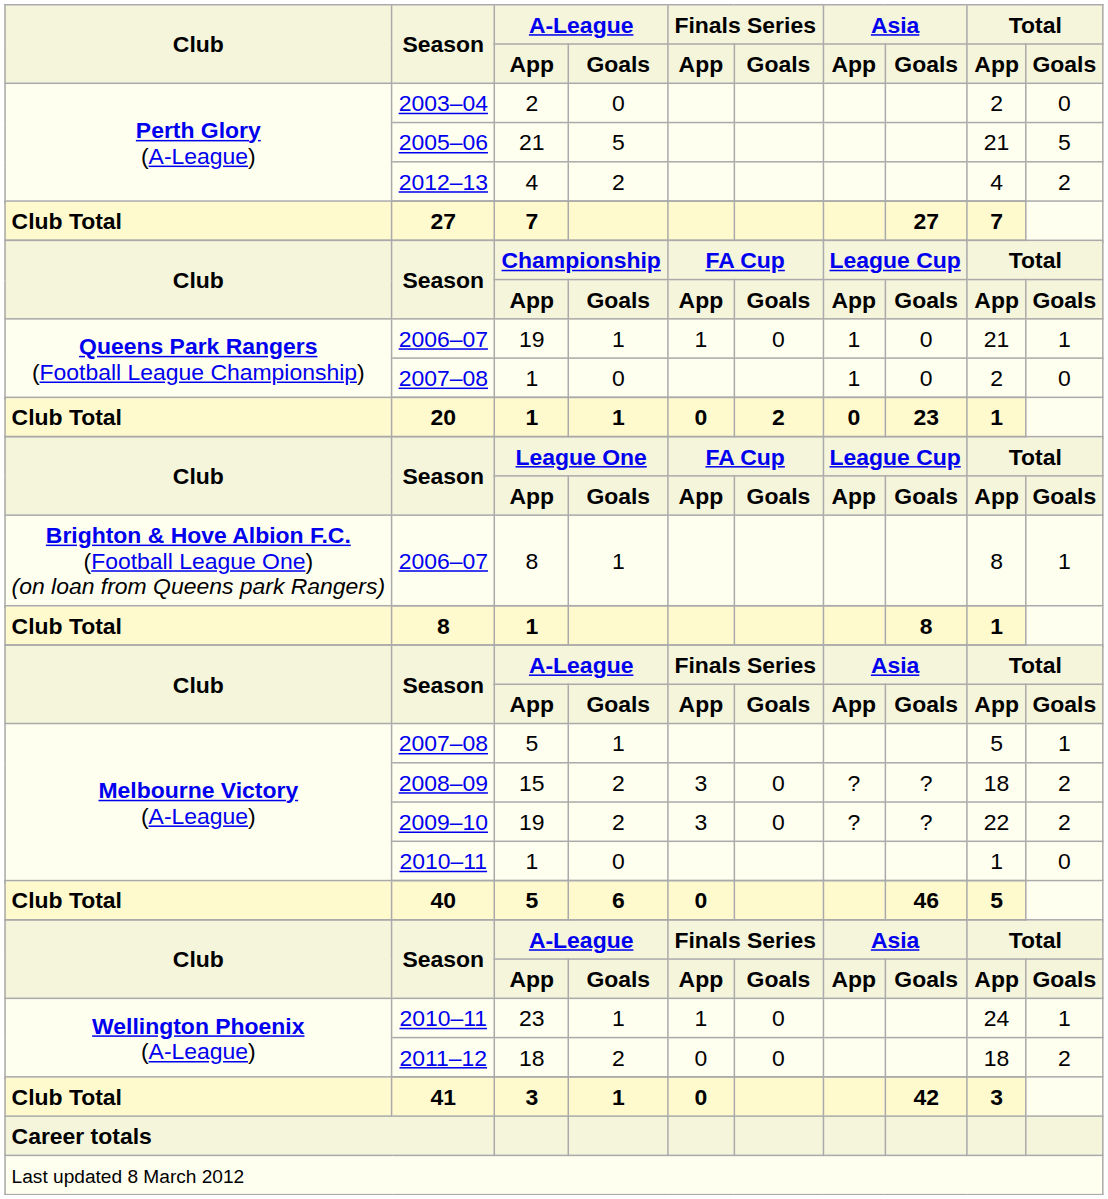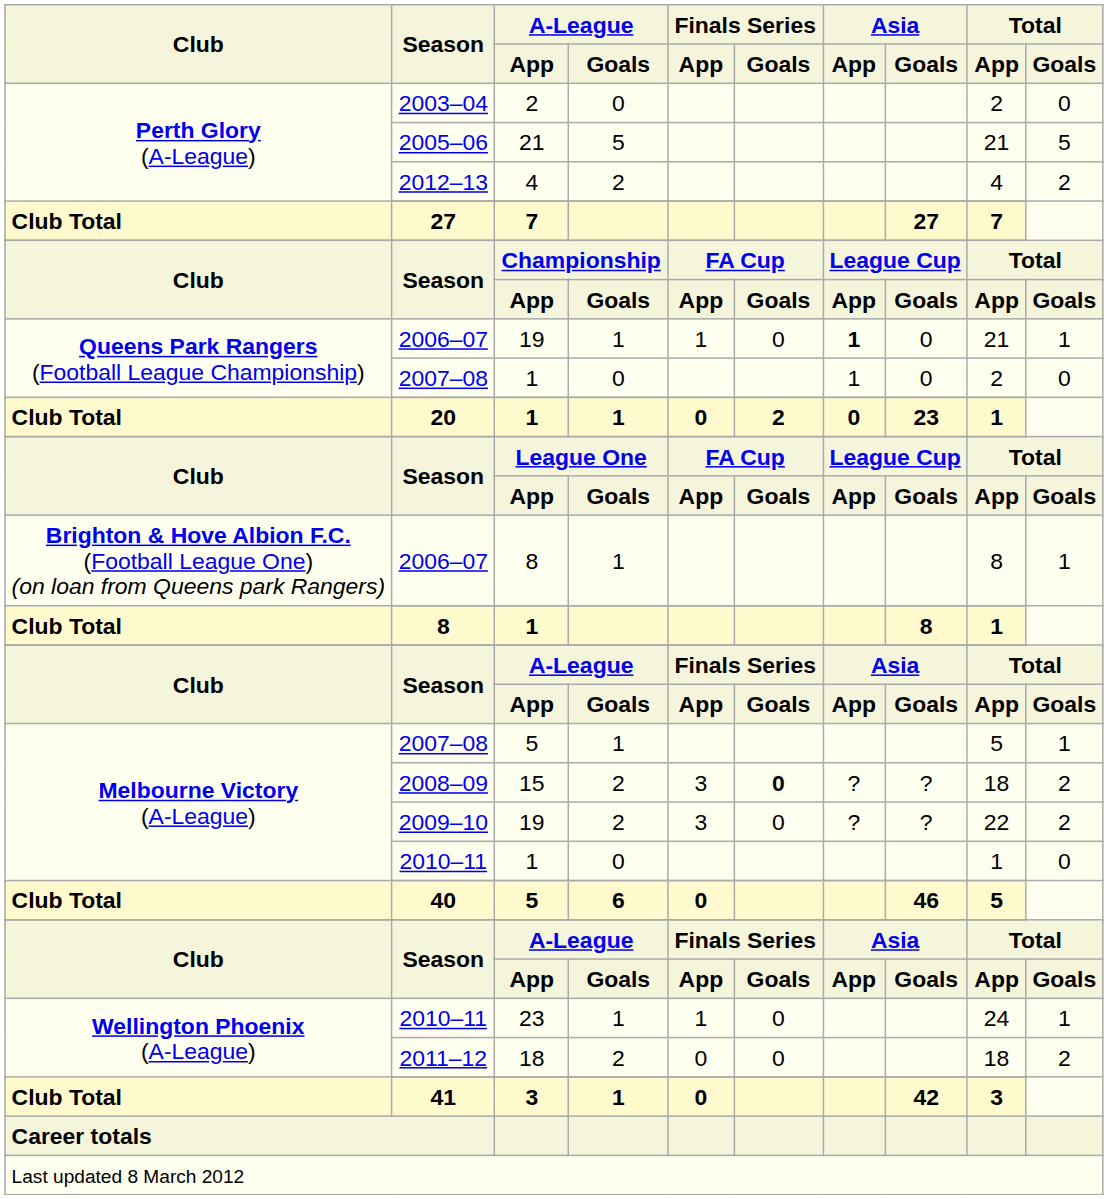 <table border=1 align=center cellpadding=4 cellspacing=2 style="background: ivory; font-size: 95%; border: 1px #aaaaaa solid; border-collapse: collapse; clear:center">
 <tr style="background:beige">
 <th rowspan="2">Club</th>
 <th rowspan="2">Season</th>
 <th colspan="2"><a href='#'>A-League</a></th>
 <th colspan="2">Finals Series</th>
 <th colspan="2"><a href='#'>Asia</a></th>
 <th colspan="2">Total</th>
 </tr>
 <tr style="background:beige">
 <th>App</th>
 <th>Goals</th>
 <th>App</th>
 <th>Goals</th>
 <th>App</th>
 <th>Goals</th>
 <th>App</th>
 <th>Goals</th>
 </tr>
 <tr>
 <td rowspan="4" align=center valign=center><strong><a href='#'>Perth Glory</a></strong><br>(<a href='#'>A-League</a>)</td>
 <td align="center"><a href='#'>2003–04</a></td>
 <td align="center">2</td>
 <td align="center">0</td>
 <td align="center"></td>
 <td align="center"></td>
 <td align="center"></td>
 <td align="center"></td>
 <td align="center">2</td>
 <td align="center">0</td>
 </tr>
 <tr>
 <td align="center"><a href='#'>2005–06</a></td>
 <td align="center">21</td>
 <td align="center">5</td>
 <td align="center"></td>
 <td align="center"></td>
 <td align="center"></td>
 <td align="center"></td>
 <td align="center">21</td>
 <td align="center">5</td>
 </tr>
 <tr>
 <td align="center"><a href='#'>2012–13</a></td>
 <td align="center">4</td>
 <td align="center">2</td>
 <td align="center"></td>
 <td align="center"></td>
 <td align="center"></td>
 <td align="center"></td>
 <td align="center">4</td>
 <td align="center">2</td>
 </tr>
 <tr>
 </tr>
 <tr style="background:lemonchiffon">
 <th colspan="1" align="left">Club Total</th>
 <th>27</th>
 <th>7</th>
 <th></th>
 <th></th>
 <th></th>
 <th></th>
 <th>27</th>
 <th>7</th>
 </tr>
 <tr>
 </tr>
 <tr style="background:beige">
 <th rowspan="2">Club</th>
 <th rowspan="2">Season</th>
 <th colspan="2"><a href='#'>Championship</a></th>
 <th colspan="2"><a href='#'>FA Cup</a></th>
 <th colspan="2"><a href='#'>League Cup</a></th>
 <th colspan="2">Total</th>
 </tr>
 <tr style="background:beige">
 <th>App</th>
 <th>Goals</th>
 <th>App</th>
 <th>Goals</th>
 <th>App</th>
 <th>Goals</th>
 <th>App</th>
 <th>Goals</th>
 </tr>
 <tr>
 <td rowspan="3" align=center valign=center><strong><a href='#'>Queens Park Rangers</a></strong><br>(<a href='#'>Football League Championship</a>)</td>
 <td align="center"><a href='#'>2006–07</a></td>
 <td align="center">19</td>
 <td align="center">1</td>
 <td align="center">1</td>
 <td align="center">0</td>
-<td align="center">1</td>
+<td align="center"><strong>1</strong></td>
 <td align="center">0</td>
 <td align="center">21</td>
 <td align="center">1</td>
 </tr>
 <tr>
 <td align="center"><a href='#'>2007–08</a></td>
 <td align="center">1</td>
 <td align="center">0</td>
 <td align="center"></td>
 <td align="center"></td>
 <td align="center">1</td>
 <td align="center">0</td>
 <td align="center">2</td>
 <td align="center">0</td>
 </tr>
 <tr>
 </tr>
 <tr style="background:lemonchiffon">
 <th colspan="1" align="left">Club Total</th>
 <th>20</th>
 <th>1</th>
 <th>1</th>
 <th>0</th>
 <th>2</th>
 <th>0</th>
 <th>23</th>
 <th>1</th>
 </tr>
 <tr>
 </tr>
 <tr style="background:beige">
 <th rowspan="2">Club</th>
 <th rowspan="2">Season</th>
 <th colspan="2"><a href='#'>League One</a></th>
 <th colspan="2"><a href='#'>FA Cup</a></th>
 <th colspan="2"><a href='#'>League Cup</a></th>
 <th colspan="2">Total</th>
 </tr>
 <tr style="background:beige">
 <th>App</th>
 <th>Goals</th>
 <th>App</th>
 <th>Goals</th>
 <th>App</th>
 <th>Goals</th>
 <th>App</th>
 <th>Goals</th>
 </tr>
 <tr>
 <td rowspan="2" align=center valign=center><strong><a href='#'>Brighton & Hove Albion F.C.</a></strong><br>(<a href='#'>Football League One</a>)<br><em>(on loan from Queens park Rangers)</em></td>
 <td align="center"><a href='#'>2006–07</a></td>
 <td align="center">8</td>
 <td align="center">1</td>
 <td align="center"></td>
 <td align="center"></td>
 <td align="center"></td>
 <td align="center"></td>
 <td align="center">8</td>
 <td align="center">1</td>
 </tr>
 <tr>
 </tr>
 <tr style="background:lemonchiffon">
 <th colspan="1" align="left">Club Total</th>
 <th>8</th>
 <th>1</th>
 <th></th>
 <th></th>
 <th></th>
 <th></th>
 <th>8</th>
 <th>1</th>
 </tr>
 <tr>
 </tr>
 <tr style="background:beige">
 <th rowspan="2">Club</th>
 <th rowspan="2">Season</th>
 <th colspan="2"><a href='#'>A-League</a></th>
 <th colspan="2">Finals Series</th>
 <th colspan="2"><a href='#'>Asia</a></th>
 <th colspan="2">Total</th>
 </tr>
 <tr style="background:beige">
 <th>App</th>
 <th>Goals</th>
 <th>App</th>
 <th>Goals</th>
 <th>App</th>
 <th>Goals</th>
 <th>App</th>
 <th>Goals</th>
 </tr>
 <tr>
 <td rowspan="5" align=center valign=center><strong><a href='#'>Melbourne Victory</a></strong><br>(<a href='#'>A-League</a>)</td>
 <td align="center"><a href='#'>2007–08</a></td>
 <td align="center">5</td>
 <td align="center">1</td>
 <td align="center"></td>
 <td align="center"></td>
 <td align="center"></td>
 <td align="center"></td>
 <td align="center">5</td>
 <td align="center">1</td>
 </tr>
 <tr>
 <td align="center"><a href='#'>2008–09</a></td>
 <td align="center">15</td>
 <td align="center">2</td>
 <td align="center">3</td>
-<td align="center">0</td>
+<td align="center"><strong>0</strong></td>
 <td align="center">?</td>
 <td align="center">?</td>
 <td align="center">18</td>
 <td align="center">2</td>
 </tr>
 <tr>
 <td align="center"><a href='#'>2009–10</a></td>
 <td align="center">19</td>
 <td align="center">2</td>
 <td align="center">3</td>
 <td align="center">0</td>
 <td align="center">?</td>
 <td align="center">?</td>
 <td align="center">22</td>
 <td align="center">2</td>
 </tr>
 <tr>
 <td align="center"><a href='#'>2010–11</a></td>
 <td align="center">1</td>
 <td align="center">0</td>
 <td align="center"></td>
 <td align="center"></td>
 <td align="center"></td>
 <td align="center"></td>
 <td align="center">1</td>
 <td align="center">0</td>
 </tr>
 <tr>
 </tr>
 <tr style="background:lemonchiffon">
 <th colspan="1" align="left">Club Total</th>
 <th>40</th>
 <th>5</th>
 <th>6</th>
 <th>0</th>
 <th></th>
 <th></th>
 <th>46</th>
 <th>5</th>
 </tr>
 <tr>
 </tr>
 <tr style="background:beige">
 <th rowspan="2">Club</th>
 <th rowspan="2">Season</th>
 <th colspan="2"><a href='#'>A-League</a></th>
 <th colspan="2">Finals Series</th>
 <th colspan="2"><a href='#'>Asia</a></th>
 <th colspan="2">Total</th>
 </tr>
 <tr style="background:beige">
 <th>App</th>
 <th>Goals</th>
 <th>App</th>
 <th>Goals</th>
 <th>App</th>
 <th>Goals</th>
 <th>App</th>
 <th>Goals</th>
 </tr>
 <tr>
 <td rowspan="3" align=center valign=center><strong><a href='#'>Wellington Phoenix</a></strong><br>(<a href='#'>A-League</a>)</td>
 <td align="center"><a href='#'>2010–11</a></td>
 <td align="center">23</td>
 <td align="center">1</td>
 <td align="center">1</td>
 <td align="center">0</td>
 <td align="center"></td>
 <td align="center"></td>
 <td align="center">24</td>
 <td align="center">1</td>
 </tr>
 <tr>
 <td align="center"><a href='#'>2011–12</a></td>
 <td align="center">18</td>
 <td align="center">2</td>
 <td align="center">0</td>
 <td align="center">0</td>
 <td align="center"></td>
 <td align="center"></td>
 <td align="center">18</td>
 <td align="center">2</td>
 </tr>
 <tr>
 </tr>
 <tr style="background:lemonchiffon">
 <th colspan="1" align="left">Club Total</th>
 <th>41</th>
 <th>3</th>
 <th>1</th>
 <th>0</th>
 <th></th>
 <th></th>
 <th>42</th>
 <th>3</th>
 </tr>
 <tr>
 <th style="background:beige" colspan="2" align="left">Career totals</th>
 <th align=center style="background:beige"></th>
 <th align=center style="background:beige"></th>
 <th align=center style="background:beige"></th>
 <th align=center style="background:beige"></th>
 <th align=center style="background:beige"></th>
 <th align=center style="background:beige"></th>
 <th align=center style="background:beige"></th>
 <th align=center style="background:beige"></th>
 </tr>
 <tr>
 <td colspan="12"><small>Last updated 8 March 2012</small></td>
 </tr>
 </table>
